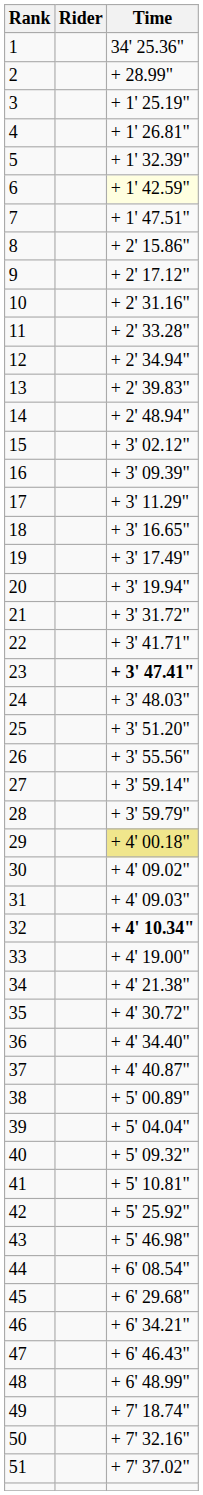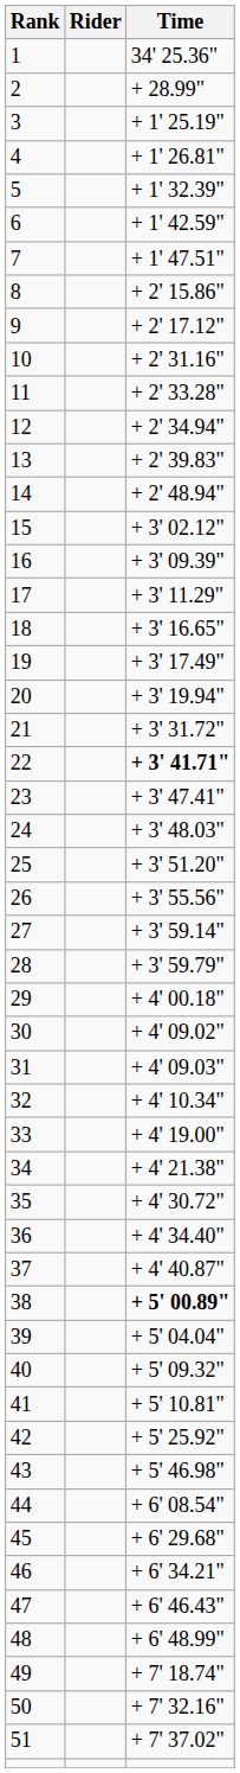 <table class="wikitable sortable">
 <tr>
 <th>Rank</th>
 <th>Rider</th>
 <th>Time</th>
 </tr>
 <tr>
 <td>1</td>
 <td></td>
 <td>34' 25.36"</td>
 </tr>
 <tr>
 <td>2</td>
 <td></td>
 <td>+ 28.99"</td>
 </tr>
 <tr>
 <td>3</td>
 <td></td>
 <td>+ 1' 25.19"</td>
 </tr>
 <tr>
 <td>4</td>
 <td></td>
 <td>+ 1' 26.81"</td>
 </tr>
 <tr>
 <td>5</td>
 <td></td>
 <td>+ 1' 32.39"</td>
 </tr>
 <tr>
 <td>6</td>
 <td></td>
-<td style="background: lightyellow;">+ 1' 42.59"</td>
+<td>+ 1' 42.59"</td>
 </tr>
 <tr>
 <td>7</td>
 <td></td>
 <td>+ 1' 47.51"</td>
 </tr>
 <tr>
 <td>8</td>
 <td></td>
 <td>+ 2' 15.86"</td>
 </tr>
 <tr>
 <td>9</td>
 <td></td>
 <td>+ 2' 17.12"</td>
 </tr>
 <tr>
 <td>10</td>
 <td></td>
 <td>+ 2' 31.16"</td>
 </tr>
 <tr>
 <td>11</td>
 <td></td>
 <td>+ 2' 33.28"</td>
 </tr>
 <tr>
 <td>12</td>
 <td></td>
 <td>+ 2' 34.94"</td>
 </tr>
 <tr>
 <td>13</td>
 <td></td>
 <td>+ 2' 39.83"</td>
 </tr>
 <tr>
 <td>14</td>
 <td></td>
 <td>+ 2' 48.94"</td>
 </tr>
 <tr>
 <td>15</td>
 <td></td>
 <td>+ 3' 02.12"</td>
 </tr>
 <tr>
 <td>16</td>
 <td></td>
 <td>+ 3' 09.39"</td>
 </tr>
 <tr>
 <td>17</td>
 <td></td>
 <td>+ 3' 11.29"</td>
 </tr>
 <tr>
 <td>18</td>
 <td></td>
 <td>+ 3' 16.65"</td>
 </tr>
 <tr>
 <td>19</td>
 <td></td>
 <td>+ 3' 17.49"</td>
 </tr>
 <tr>
 <td>20</td>
 <td></td>
 <td>+ 3' 19.94"</td>
 </tr>
 <tr>
 <td>21</td>
 <td></td>
 <td>+ 3' 31.72"</td>
 </tr>
 <tr>
 <td>22</td>
 <td></td>
-<td>+ 3' 41.71"</td>
+<td><strong>+ 3' 41.71"</strong></td>
 </tr>
 <tr>
 <td>23</td>
 <td></td>
-<td><strong>+ 3' 47.41"</strong></td>
+<td>+ 3' 47.41"</td>
 </tr>
 <tr>
 <td>24</td>
 <td></td>
 <td>+ 3' 48.03"</td>
 </tr>
 <tr>
 <td>25</td>
 <td></td>
 <td>+ 3' 51.20"</td>
 </tr>
 <tr>
 <td>26</td>
 <td></td>
 <td>+ 3' 55.56"</td>
 </tr>
 <tr>
 <td>27</td>
 <td></td>
 <td>+ 3' 59.14"</td>
 </tr>
 <tr>
 <td>28</td>
 <td></td>
 <td>+ 3' 59.79"</td>
 </tr>
 <tr>
 <td>29</td>
 <td></td>
-<td style="background: khaki;">+ 4' 00.18"</td>
+<td>+ 4' 00.18"</td>
 </tr>
 <tr>
 <td>30</td>
 <td></td>
 <td>+ 4' 09.02"</td>
 </tr>
 <tr>
 <td>31</td>
 <td></td>
 <td>+ 4' 09.03"</td>
 </tr>
 <tr>
 <td>32</td>
 <td></td>
-<td><strong>+ 4' 10.34"</strong></td>
+<td>+ 4' 10.34"</td>
 </tr>
 <tr>
 <td>33</td>
 <td></td>
 <td>+ 4' 19.00"</td>
 </tr>
 <tr>
 <td>34</td>
 <td></td>
 <td>+ 4' 21.38"</td>
 </tr>
 <tr>
 <td>35</td>
 <td></td>
 <td>+ 4' 30.72"</td>
 </tr>
 <tr>
 <td>36</td>
 <td></td>
 <td>+ 4' 34.40"</td>
 </tr>
 <tr>
 <td>37</td>
 <td></td>
 <td>+ 4' 40.87"</td>
 </tr>
 <tr>
 <td>38</td>
 <td></td>
-<td>+ 5' 00.89"</td>
+<td><strong>+ 5' 00.89"</strong></td>
 </tr>
 <tr>
 <td>39</td>
 <td></td>
 <td>+ 5' 04.04"</td>
 </tr>
 <tr>
 <td>40</td>
 <td></td>
 <td>+ 5' 09.32"</td>
 </tr>
 <tr>
 <td>41</td>
 <td></td>
 <td>+ 5' 10.81"</td>
 </tr>
 <tr>
 <td>42</td>
 <td></td>
 <td>+ 5' 25.92"</td>
 </tr>
 <tr>
 <td>43</td>
 <td></td>
 <td>+ 5' 46.98"</td>
 </tr>
 <tr>
 <td>44</td>
 <td></td>
 <td>+ 6' 08.54"</td>
 </tr>
 <tr>
 <td>45</td>
 <td></td>
 <td>+ 6' 29.68"</td>
 </tr>
 <tr>
 <td>46</td>
 <td></td>
 <td>+ 6' 34.21"</td>
 </tr>
 <tr>
 <td>47</td>
 <td></td>
 <td>+ 6' 46.43"</td>
 </tr>
 <tr>
 <td>48</td>
 <td></td>
 <td>+ 6' 48.99"</td>
 </tr>
 <tr>
 <td>49</td>
 <td></td>
 <td>+ 7' 18.74"</td>
 </tr>
 <tr>
 <td>50</td>
 <td></td>
 <td>+ 7' 32.16"</td>
 </tr>
 <tr>
 <td>51</td>
 <td></td>
 <td>+ 7' 37.02"</td>
 </tr>
 <tr>
 <td></td>
 <td></td>
 <td></td>
 </tr>
 </table>
